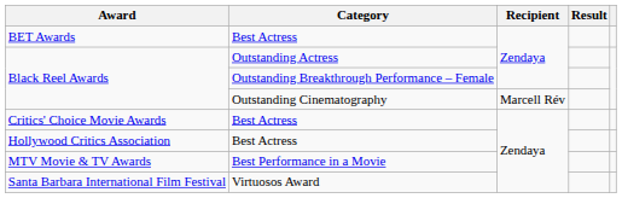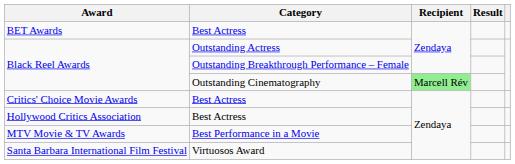 <table class="wikitable sortable">
 <tr style="text-align:center;">
 <th scope="col">Award</th>
 <th scope="col">Category</th>
 <th scope="col">Recipient</th>
 <th scope="col">Result</th>
 <th scope="col" class="unsortable"></th>
 </tr>
 <tr>
 <td><a href='#'>BET Awards</a></td>
 <td><a href='#'>Best Actress</a></td>
 <td rowspan="3"><a href='#'>Zendaya</a></td>
 <td></td>
 <td style="text-align: center;"></td>
 </tr>
 <tr>
 <td rowspan="3"><a href='#'>Black Reel Awards</a></td>
 <td><a href='#'>Outstanding Actress</a></td>
 <td></td>
 <td rowspan="3" style="text-align:center;"></td>
 </tr>
 <tr>
 <td><a href='#'>Outstanding Breakthrough Performance – Female</a></td>
 <td></td>
 </tr>
 <tr>
 <td>Outstanding Cinematography</td>
-<td>Marcell Rév</td>
+<td style="background: lightgreen;">Marcell Rév</td>
 <td></td>
 </tr>
 <tr>
 <td><a href='#'>Critics' Choice Movie Awards</a></td>
 <td><a href='#'>Best Actress</a></td>
 <td rowspan="4">Zendaya</td>
 <td></td>
 <td style="text-align:center;"></td>
 </tr>
 <tr>
 <td><a href='#'>Hollywood Critics Association</a></td>
 <td>Best Actress</td>
 <td></td>
 <td style="text-align:center;"></td>
 </tr>
 <tr>
 <td><a href='#'>MTV Movie & TV Awards</a></td>
 <td><a href='#'>Best Performance in a Movie</a></td>
 <td></td>
 <td style="text-align:center;"></td>
 </tr>
 <tr>
 <td><a href='#'>Santa Barbara International Film Festival</a></td>
 <td>Virtuosos Award</td>
 <td></td>
 <td style="text-align:center;"></td>
 </tr>
 </table>
